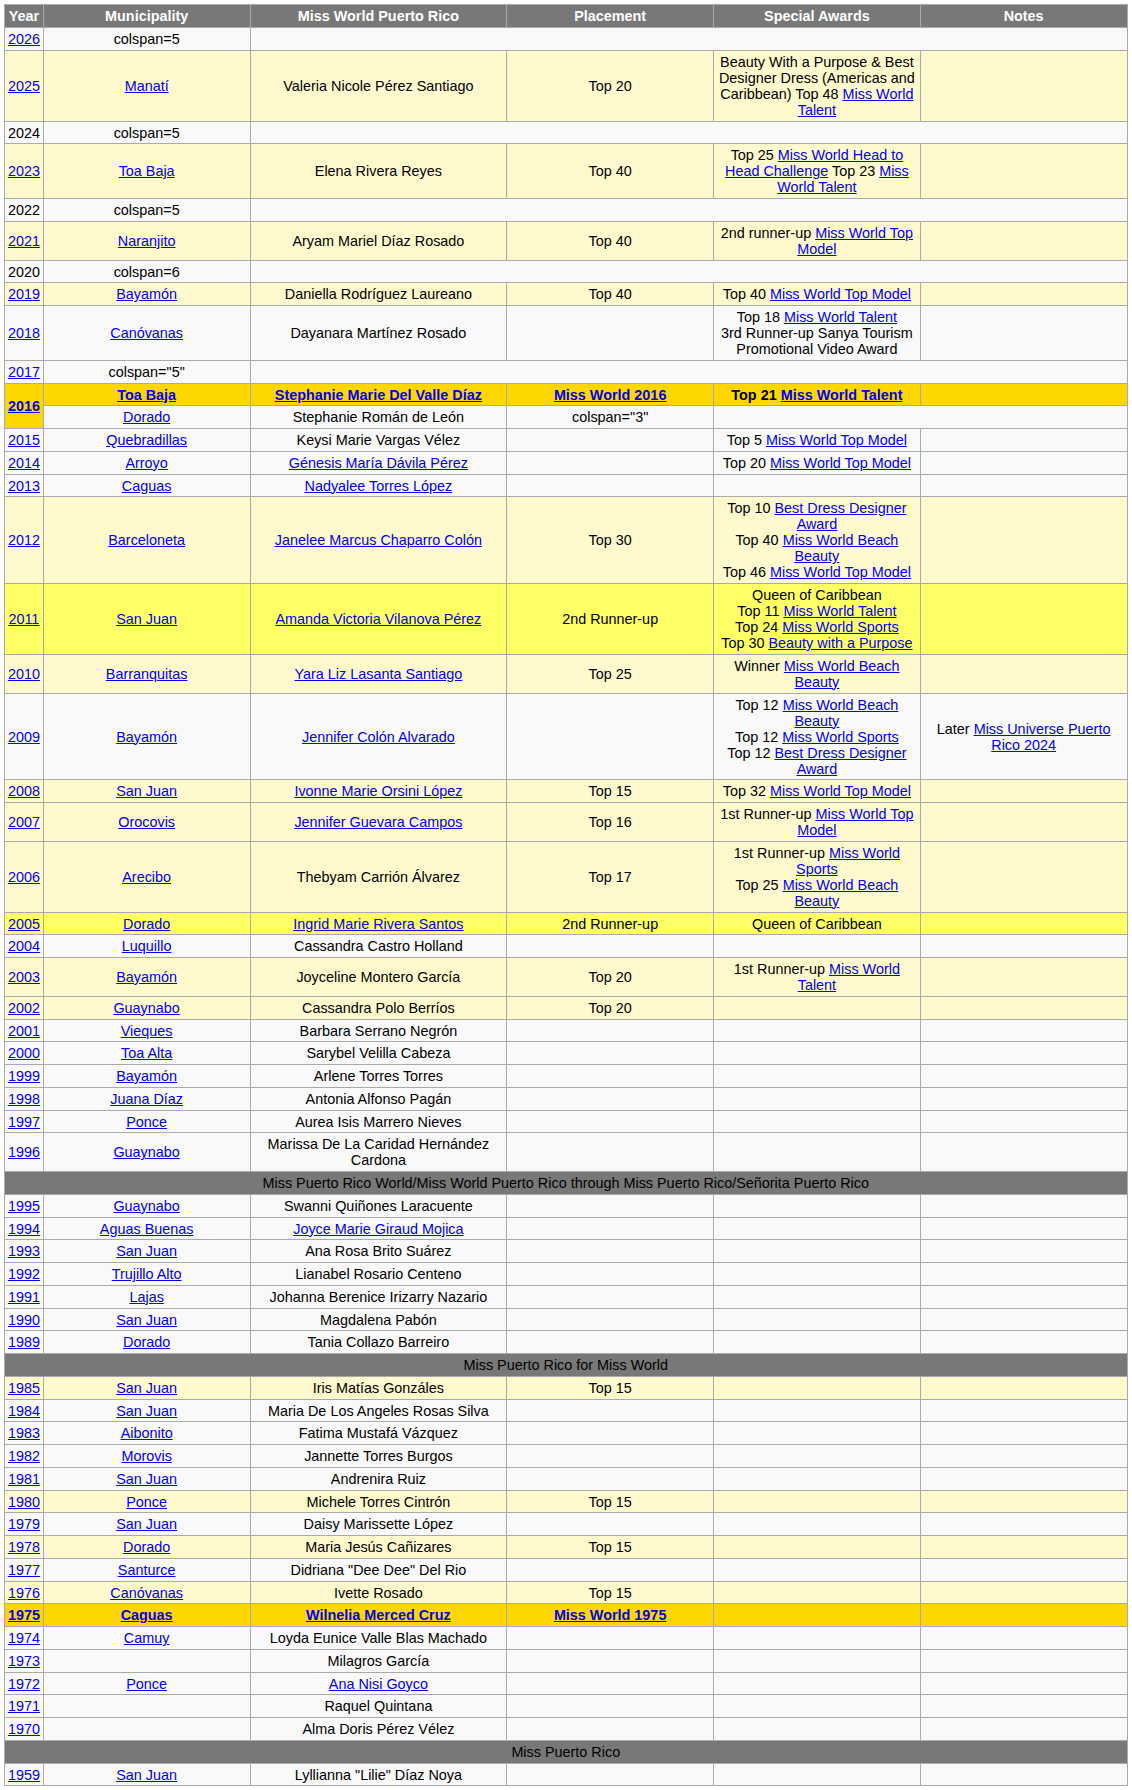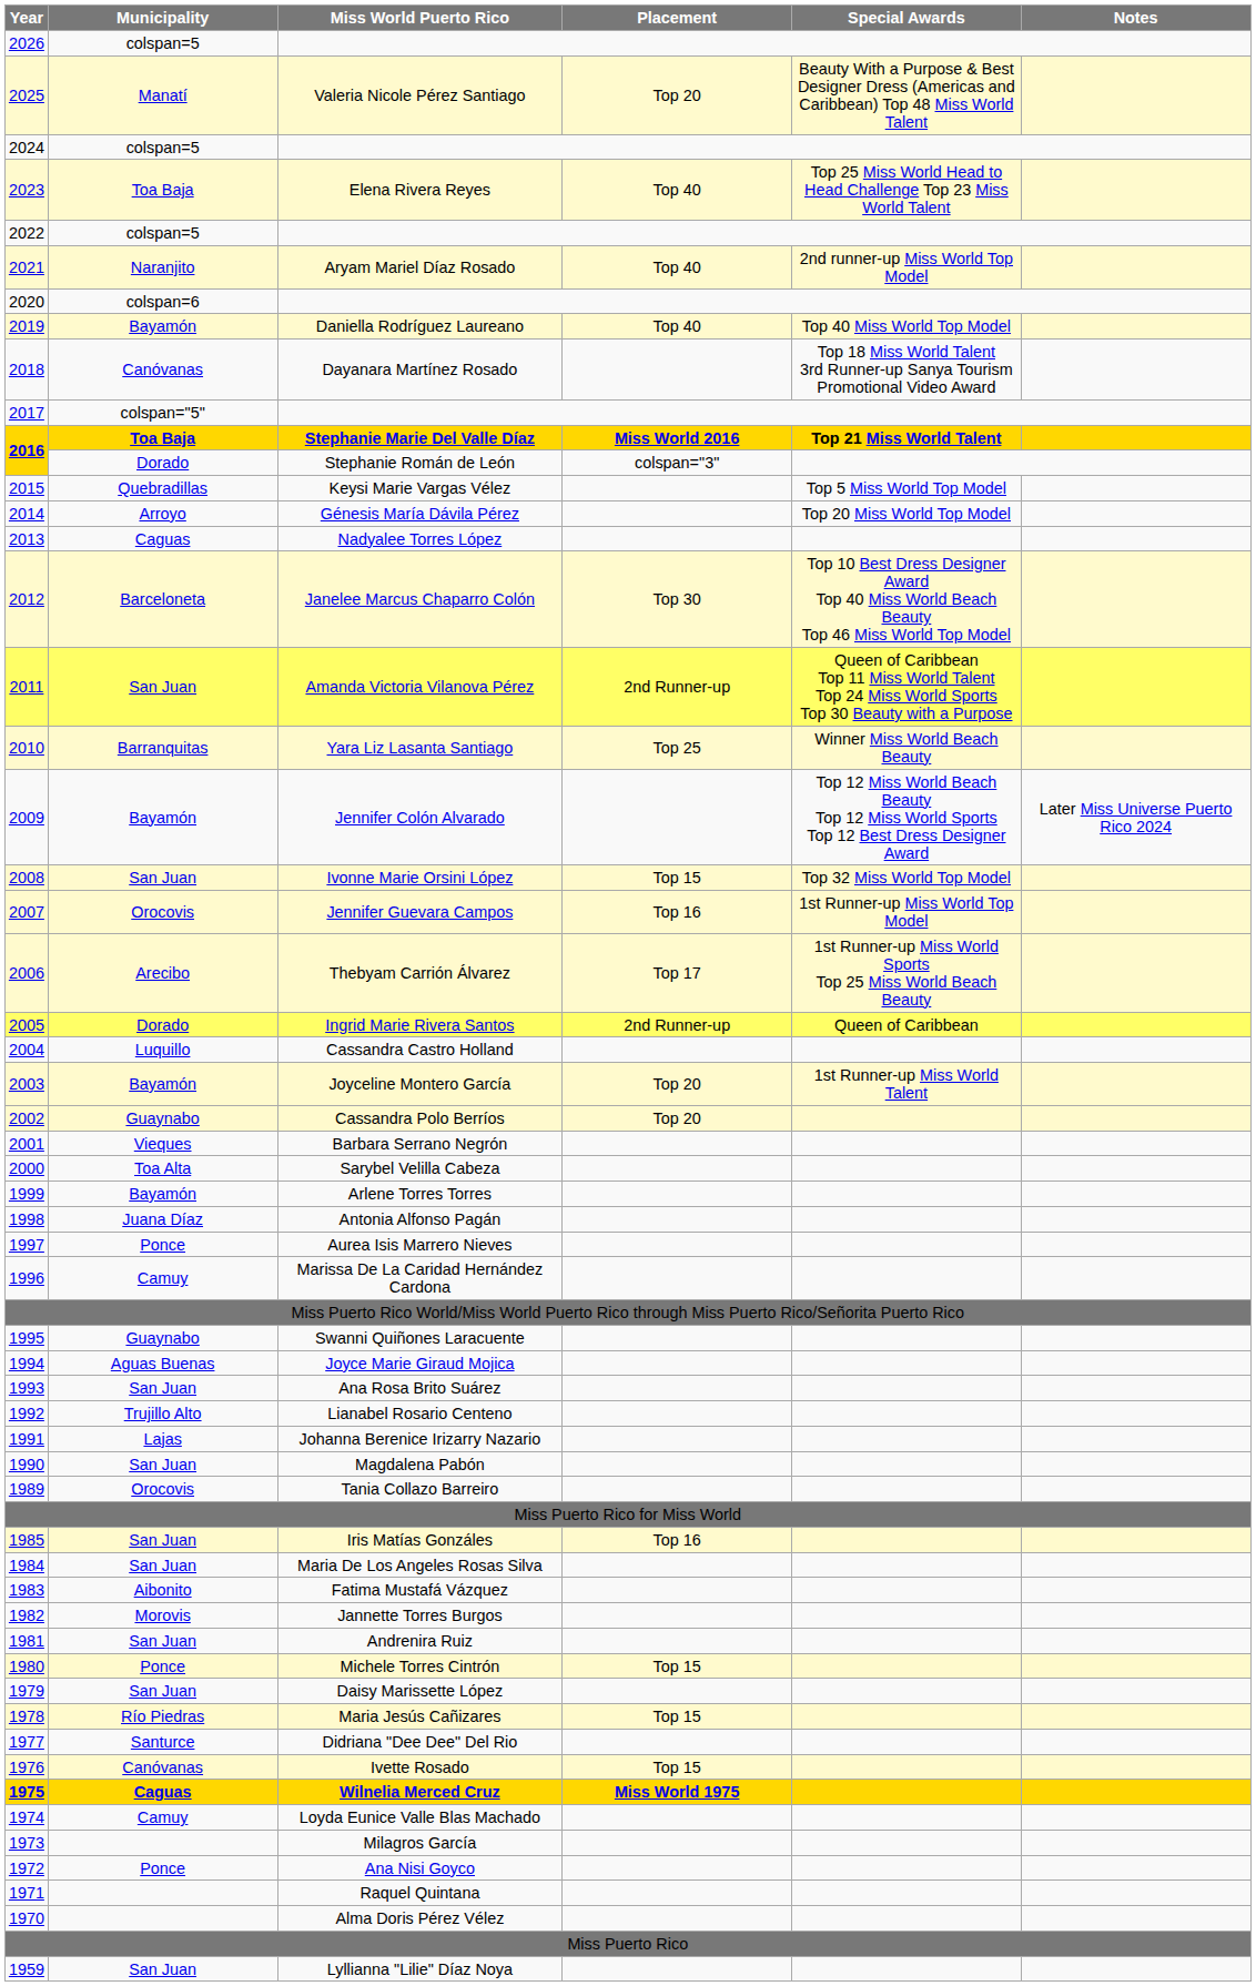 <table class="wikitable sortable" style="font-size: 90%; text-align:center">
 <tr>
 <th width="30" style="background-color:#787878;color:#FFFFFF;">Year</th>
 <th style="width:200px;background-color:#787878;color:#FFFFFF;">Municipality</th>
 <th style="width:250px;background-color:#787878;color:#FFFFFF;">Miss World Puerto Rico</th>
 <th style="width:200px;background-color:#787878;color:#FFFFFF;">Placement</th>
 <th style="width:200px;background-color:#787878;color:#FFFFFF;">Special Awards</th>
 <th style="width:200px;background-color:#787878;color:#FFFFFF;">Notes</th>
 </tr>
 <tr>
 <td><a href='#'>2026</a></td>
 <td>colspan=5 </td>
 </tr>
 <tr style="background-color:#FFFACD;">
 <td><a href='#'>2025</a></td>
 <td> <a href='#'>Manatí</a></td>
 <td>Valeria Nicole Pérez Santiago</td>
 <td>Top 20</td>
 <td>Beauty With a Purpose & Best Designer Dress (Americas and Caribbean) Top 48 <a href='#'>Miss World Talent</a></td>
 <td></td>
 </tr>
 <tr>
 <td>2024</td>
 <td>colspan=5 </td>
 </tr>
 <tr>
 </tr>
 <tr style="background-color:#FFFACD;">
 <td><a href='#'>2023</a></td>
 <td> <a href='#'>Toa Baja</a></td>
 <td>Elena Rivera Reyes</td>
 <td>Top 40</td>
 <td>Top 25 <a href='#'>Miss World Head to Head Challenge</a> Top 23 <a href='#'>Miss World Talent</a></td>
 <td></td>
 </tr>
 <tr>
 <td>2022</td>
 <td>colspan=5 </td>
 </tr>
 <tr>
 </tr>
 <tr style="background-color:#FFFACD;">
 <td><a href='#'>2021</a></td>
 <td> <a href='#'>Naranjito</a></td>
 <td>Aryam Mariel Díaz Rosado</td>
 <td>Top 40</td>
 <td>2nd runner-up <a href='#'>Miss World Top Model</a></td>
 <td></td>
 </tr>
 <tr>
 <td>2020</td>
 <td>colspan=6 </td>
 </tr>
 <tr>
 </tr>
 <tr style="background-color:#FFFACD;">
 <td><a href='#'>2019</a></td>
 <td> <a href='#'>Bayamón</a></td>
 <td>Daniella Rodríguez Laureano</td>
 <td>Top 40</td>
 <td>Top 40 <a href='#'>Miss World Top Model</a></td>
 <td></td>
 </tr>
 <tr>
 <td><a href='#'>2018</a></td>
 <td> <a href='#'>Canóvanas</a></td>
 <td>Dayanara Martínez Rosado</td>
 <td></td>
 <td>Top 18 <a href='#'>Miss World Talent</a><br>3rd Runner-up Sanya Tourism Promotional Video Award</td>
 <td></td>
 </tr>
 <tr>
 <td><a href='#'>2017</a></td>
 <td>colspan="5" </td>
 </tr>
 <tr>
 </tr>
 <tr style="background-color:gold; font-weight: bold">
 <td rowspan=2><strong><a href='#'>2016</a></strong></td>
 <td><strong> <a href='#'>Toa Baja</a></strong></td>
 <td><strong><a href='#'>Stephanie Marie Del Valle Díaz</a></strong></td>
 <td><strong><a href='#'>Miss World 2016</a></strong></td>
 <td>Top 21 <a href='#'>Miss World Talent</a></td>
 <td></td>
 </tr>
 <tr>
 <td> <a href='#'>Dorado</a></td>
 <td>Stephanie Román de León</td>
 <td>colspan="3" </td>
 </tr>
 <tr>
 <td><a href='#'>2015</a></td>
 <td> <a href='#'>Quebradillas</a></td>
 <td>Keysi Marie Vargas Vélez</td>
 <td></td>
 <td>Top 5 <a href='#'>Miss World Top Model</a></td>
 <td></td>
 </tr>
 <tr>
 <td><a href='#'>2014</a></td>
 <td> <a href='#'>Arroyo</a></td>
 <td><a href='#'>Génesis María Dávila Pérez</a></td>
 <td></td>
 <td>Top 20 <a href='#'>Miss World Top Model</a></td>
 <td></td>
 </tr>
 <tr>
 <td><a href='#'>2013</a></td>
 <td> <a href='#'>Caguas</a></td>
 <td><a href='#'>Nadyalee Torres López</a></td>
 <td></td>
 <td></td>
 <td></td>
 </tr>
 <tr>
 </tr>
 <tr style="background-color:#FFFACD;">
 <td><a href='#'>2012</a></td>
 <td> <a href='#'>Barceloneta</a></td>
 <td><a href='#'>Janelee Marcus Chaparro Colón</a></td>
 <td>Top 30</td>
 <td>Top 10 <a href='#'>Best Dress Designer Award</a><br>Top 40 <a href='#'>Miss World Beach Beauty</a><br>Top 46 <a href='#'>Miss World Top Model</a></td>
 <td></td>
 </tr>
 <tr>
 </tr>
 <tr style="background-color:#FFFF66;">
 <td><a href='#'>2011</a></td>
 <td> <a href='#'>San Juan</a></td>
 <td><a href='#'>Amanda Victoria Vilanova Pérez</a></td>
 <td>2nd Runner-up</td>
 <td>Queen of Caribbean<br>Top 11 <a href='#'>Miss World Talent</a><br>Top 24 <a href='#'>Miss World Sports</a><br>Top 30 <a href='#'>Beauty with a Purpose</a></td>
 <td></td>
 </tr>
 <tr>
 </tr>
 <tr style="background-color:#FFFACD;">
 <td><a href='#'>2010</a></td>
 <td> <a href='#'>Barranquitas</a></td>
 <td><a href='#'>Yara Liz Lasanta Santiago</a></td>
 <td>Top 25</td>
 <td>Winner <a href='#'>Miss World Beach Beauty</a></td>
 <td></td>
 </tr>
 <tr>
 <td><a href='#'>2009</a></td>
 <td> <a href='#'>Bayamón</a></td>
 <td><a href='#'>Jennifer Colón Alvarado</a></td>
 <td></td>
 <td>Top 12 <a href='#'>Miss World Beach Beauty</a><br>Top 12 <a href='#'>Miss World Sports</a><br>Top 12 <a href='#'>Best Dress Designer Award</a></td>
 <td>Later <a href='#'>Miss Universe Puerto Rico 2024</a></td>
 </tr>
 <tr>
 </tr>
 <tr style="background-color:#FFFACD;">
 <td><a href='#'>2008</a></td>
 <td> <a href='#'>San Juan</a></td>
 <td><a href='#'>Ivonne Marie Orsini López</a></td>
 <td>Top 15</td>
 <td>Top 32 <a href='#'>Miss World Top Model</a></td>
 <td></td>
 </tr>
 <tr>
 </tr>
 <tr style="background-color:#FFFACD;">
 <td><a href='#'>2007</a></td>
 <td> <a href='#'>Orocovis</a></td>
 <td><a href='#'>Jennifer Guevara Campos</a></td>
 <td>Top 16</td>
 <td>1st Runner-up <a href='#'>Miss World Top Model</a></td>
 <td></td>
 </tr>
 <tr>
 </tr>
 <tr style="background-color:#FFFACD;">
 <td><a href='#'>2006</a></td>
 <td> <a href='#'>Arecibo</a></td>
 <td>Thebyam Carrión Álvarez</td>
 <td>Top 17</td>
 <td>1st Runner-up <a href='#'>Miss World Sports</a><br>Top 25 <a href='#'>Miss World Beach Beauty</a></td>
 <td></td>
 </tr>
 <tr>
 </tr>
 <tr style="background-color:#FFFF66;">
 <td><a href='#'>2005</a></td>
 <td> <a href='#'>Dorado</a></td>
 <td><a href='#'>Ingrid Marie Rivera Santos</a></td>
 <td>2nd Runner-up</td>
 <td>Queen of Caribbean</td>
 <td></td>
 </tr>
 <tr>
 <td><a href='#'>2004</a></td>
 <td> <a href='#'>Luquillo</a></td>
 <td>Cassandra Castro Holland</td>
 <td></td>
 <td></td>
 <td></td>
 </tr>
 <tr>
 </tr>
 <tr style="background-color:#FFFACD;">
 <td><a href='#'>2003</a></td>
 <td> <a href='#'>Bayamón</a></td>
 <td>Joyceline Montero García</td>
 <td>Top 20</td>
 <td>1st Runner-up <a href='#'>Miss World Talent</a></td>
 <td></td>
 </tr>
 <tr>
 </tr>
 <tr style="background-color:#FFFACD;">
 <td><a href='#'>2002</a></td>
 <td> <a href='#'>Guaynabo</a></td>
 <td>Cassandra Polo Berríos</td>
 <td>Top 20</td>
 <td></td>
 <td></td>
 </tr>
 <tr>
 <td><a href='#'>2001</a></td>
 <td> <a href='#'>Vieques</a></td>
 <td>Barbara Serrano Negrón</td>
 <td></td>
 <td></td>
 <td></td>
 </tr>
 <tr>
 <td><a href='#'>2000</a></td>
 <td> <a href='#'>Toa Alta</a></td>
 <td>Sarybel Velilla Cabeza</td>
 <td></td>
 <td></td>
 <td></td>
 </tr>
 <tr>
 <td><a href='#'>1999</a></td>
 <td> <a href='#'>Bayamón</a></td>
 <td>Arlene Torres Torres</td>
 <td></td>
 <td></td>
 <td></td>
 </tr>
 <tr>
 <td><a href='#'>1998</a></td>
 <td> <a href='#'>Juana Díaz</a></td>
 <td>Antonia Alfonso Pagán</td>
 <td></td>
 <td></td>
 <td></td>
 </tr>
 <tr>
 <td><a href='#'>1997</a></td>
 <td> <a href='#'>Ponce</a></td>
 <td>Aurea Isis Marrero Nieves</td>
 <td></td>
 <td></td>
 <td></td>
 </tr>
 <tr>
 <td><a href='#'>1996</a></td>
-<td> <a href='#'>Guaynabo</a></td>
+<td> <a href='#'>Camuy</a></td>
 <td>Marissa De La Caridad Hernández Cardona</td>
 <td></td>
 <td></td>
 <td></td>
 </tr>
 <tr>
 </tr>
 <tr bgcolor="#787878" align="center">
 <td colspan="6"><span>Miss Puerto Rico World/Miss World Puerto Rico through Miss Puerto Rico/Señorita Puerto Rico</span></td>
 </tr>
 <tr>
 <td><a href='#'>1995</a></td>
 <td> <a href='#'>Guaynabo</a></td>
 <td>Swanni Quiñones Laracuente</td>
 <td></td>
 <td></td>
 <td></td>
 </tr>
 <tr>
 <td><a href='#'>1994</a></td>
 <td> <a href='#'>Aguas Buenas</a></td>
 <td><a href='#'>Joyce Marie Giraud Mojica</a></td>
 <td></td>
 <td></td>
 <td></td>
 </tr>
 <tr>
 <td><a href='#'>1993</a></td>
 <td> <a href='#'>San Juan</a></td>
 <td>Ana Rosa Brito Suárez</td>
 <td></td>
 <td></td>
 <td></td>
 </tr>
 <tr>
 <td><a href='#'>1992</a></td>
 <td> <a href='#'>Trujillo Alto</a></td>
 <td>Lianabel Rosario Centeno</td>
 <td></td>
 <td></td>
 <td></td>
 </tr>
 <tr>
 <td><a href='#'>1991</a></td>
 <td> <a href='#'>Lajas</a></td>
 <td>Johanna Berenice Irizarry Nazario</td>
 <td></td>
 <td></td>
 <td></td>
 </tr>
 <tr>
 <td><a href='#'>1990</a></td>
 <td> <a href='#'>San Juan</a></td>
 <td>Magdalena Pabón</td>
 <td></td>
 <td></td>
 <td></td>
 </tr>
 <tr>
 <td><a href='#'>1989</a></td>
-<td> <a href='#'>Dorado</a></td>
+<td> <a href='#'>Orocovis</a></td>
 <td>Tania Collazo Barreiro</td>
 <td></td>
 <td></td>
 <td></td>
 </tr>
 <tr>
 </tr>
 <tr bgcolor="#787878" align="center">
 <td colspan="6"><span>Miss Puerto Rico for Miss World</span></td>
 </tr>
 <tr>
 </tr>
 <tr style="background-color:#FFFACD;">
 <td><a href='#'>1985</a></td>
 <td> <a href='#'>San Juan</a></td>
 <td>Iris Matías Gonzáles</td>
-<td>Top 15</td>
+<td>Top 16</td>
 <td></td>
 <td></td>
 </tr>
 <tr>
 <td><a href='#'>1984</a></td>
 <td> <a href='#'>San Juan</a></td>
 <td>Maria De Los Angeles Rosas Silva</td>
 <td></td>
 <td></td>
 <td></td>
 </tr>
 <tr>
 <td><a href='#'>1983</a></td>
 <td> <a href='#'>Aibonito</a></td>
 <td>Fatima Mustafá Vázquez</td>
 <td></td>
 <td></td>
 <td></td>
 </tr>
 <tr>
 <td><a href='#'>1982</a></td>
 <td> <a href='#'>Morovis</a></td>
 <td>Jannette Torres Burgos</td>
 <td></td>
 <td></td>
 <td></td>
 </tr>
 <tr>
 <td><a href='#'>1981</a></td>
 <td> <a href='#'>San Juan</a></td>
 <td>Andrenira Ruiz</td>
 <td></td>
 <td></td>
 <td></td>
 </tr>
 <tr>
 </tr>
 <tr style="background-color:#FFFACD;">
 <td><a href='#'>1980</a></td>
 <td> <a href='#'>Ponce</a></td>
 <td>Michele Torres Cintrón</td>
 <td>Top 15</td>
 <td></td>
 <td></td>
 </tr>
 <tr>
 <td><a href='#'>1979</a></td>
 <td> <a href='#'>San Juan</a></td>
 <td>Daisy Marissette López</td>
 <td></td>
 <td></td>
 <td></td>
 </tr>
 <tr>
 </tr>
 <tr style="background-color:#FFFACD;">
 <td><a href='#'>1978</a></td>
-<td> <a href='#'>Dorado</a></td>
+<td> <a href='#'>Río Piedras</a></td>
 <td>Maria Jesús Cañizares</td>
 <td>Top 15</td>
 <td></td>
 <td></td>
 </tr>
 <tr>
 <td><a href='#'>1977</a></td>
 <td> <a href='#'>Santurce</a></td>
 <td>Didriana "Dee Dee" Del Rio</td>
 <td></td>
 <td></td>
 <td></td>
 </tr>
 <tr>
 </tr>
 <tr style="background-color:#FFFACD;">
 <td><a href='#'>1976</a></td>
 <td> <a href='#'>Canóvanas</a></td>
 <td>Ivette Rosado</td>
 <td>Top 15</td>
 <td></td>
 <td></td>
 </tr>
 <tr>
 </tr>
 <tr style="background-color:gold; font-weight: bold">
 <td><strong><a href='#'>1975</a></strong></td>
 <td><strong> <a href='#'>Caguas</a></strong></td>
 <td><strong><a href='#'>Wilnelia Merced Cruz</a></strong></td>
 <td><strong><a href='#'>Miss World 1975</a></strong></td>
 <td></td>
 <td></td>
 </tr>
 <tr>
 <td><a href='#'>1974</a></td>
 <td> <a href='#'>Camuy</a></td>
 <td>Loyda Eunice Valle Blas Machado</td>
 <td></td>
 <td></td>
 <td></td>
 </tr>
 <tr>
 <td><a href='#'>1973</a></td>
 <td></td>
 <td>Milagros García</td>
 <td></td>
 <td></td>
 <td></td>
 </tr>
 <tr>
 <td><a href='#'>1972</a></td>
 <td> <a href='#'>Ponce</a></td>
 <td><a href='#'>Ana Nisi Goyco</a></td>
 <td></td>
 <td></td>
 <td></td>
 </tr>
 <tr>
 <td><a href='#'>1971</a></td>
 <td></td>
 <td>Raquel Quintana</td>
 <td></td>
 <td></td>
 <td></td>
 </tr>
 <tr>
 <td><a href='#'>1970</a></td>
 <td></td>
 <td>Alma Doris Pérez Vélez</td>
 <td></td>
 <td></td>
 <td></td>
 </tr>
 <tr>
 </tr>
 <tr bgcolor="#787878" align="center">
 <td colspan="6"><span>Miss Puerto Rico</span></td>
 </tr>
 <tr>
 <td><a href='#'>1959</a></td>
 <td> <a href='#'>San Juan</a></td>
 <td>Lyllianna "Lilie" Díaz Noya</td>
 <td></td>
 <td></td>
 <td></td>
 </tr>
 <tr>
 </tr>
 </table>
